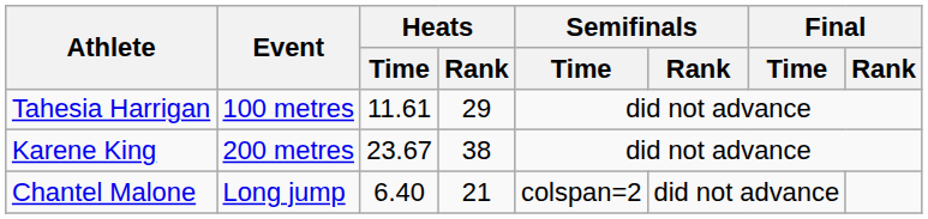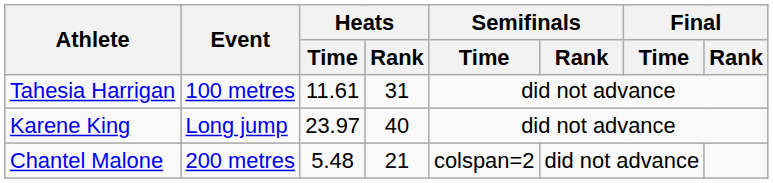 <table class=wikitable style="font-size:90%;">
 <tr>
 <th rowspan=2>Athlete</th>
 <th rowspan=2>Event</th>
 <th colspan=2>Heats</th>
 <th colspan=2>Semifinals</th>
 <th colspan=2>Final</th>
 </tr>
 <tr>
 <th>Time</th>
 <th>Rank</th>
 <th>Time</th>
 <th>Rank</th>
 <th>Time</th>
 <th>Rank</th>
 </tr>
 <tr>
 <td><a href='#'>Tahesia Harrigan</a></td>
 <td><a href='#'>100 metres</a></td>
 <td align="center">11.61</td>
-<td align="center">29</td>
+<td align="center">31</td>
 <td align="center" colspan=4>did not advance</td>
 </tr>
 <tr>
 <td><a href='#'>Karene King</a></td>
-<td><a href='#'>200 metres</a></td>
-<td align="center">23.67</td>
-<td align="center">38</td>
+<td><a href='#'>Long jump</a></td>
+<td align="center">23.97</td>
+<td align="center">40</td>
 <td align="center" colspan=4>did not advance</td>
 </tr>
 <tr>
 <td><a href='#'>Chantel Malone</a></td>
-<td><a href='#'>Long jump</a></td>
-<td align="center">6.40</td>
+<td><a href='#'>200 metres</a></td>
+<td align="center">5.48</td>
 <td align="center">21</td>
 <td>colspan=2 </td>
 <td align="center" colspan=2>did not advance</td>
 </tr>
 </table>
